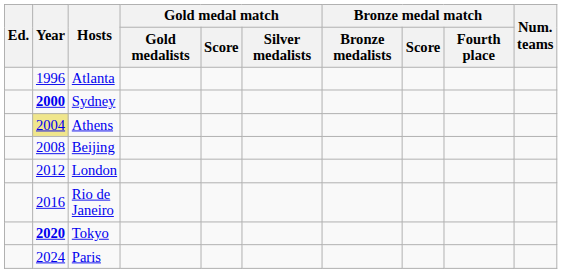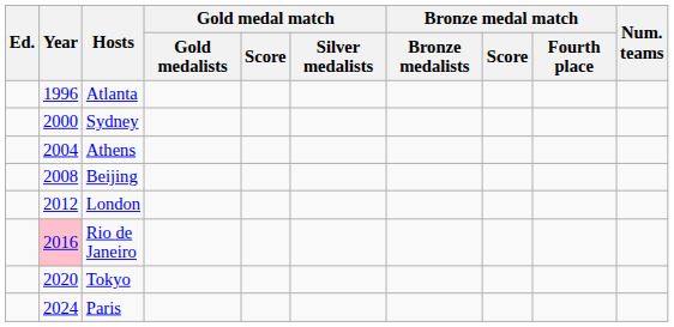 <table class="wikitable sortable" style="font-size:%; text-align:; width:;">
 <tr>
 <th rowspan="2" style="width:">Ed.</th>
 <th rowspan="2" style="width:">Year</th>
 <th rowspan="2" style="width:">Hosts</th>
 <th colspan="3">Gold medal match</th>
 <th colspan="3">Bronze medal match</th>
 <th rowspan=2 width=>Num.<br>teams</th>
 </tr>
 <tr>
 <th width=120px> Gold medalists</th>
 <th width=>Score</th>
 <th width=120px> Silver medalists</th>
 <th width=120px> Bronze medalists</th>
 <th width=>Score</th>
 <th width=120px>Fourth place</th>
 </tr>
 <tr>
 <td></td>
 <td><a href='#'>1996</a></td>
 <td><a href='#'>Atlanta</a></td>
 <td><strong></strong></td>
 <td></td>
 <td></td>
 <td></td>
 <td></td>
 <td></td>
 <td></td>
 </tr>
 <tr>
 <td></td>
-<td><strong><a href='#'>2000</a></strong></td>
+<td><a href='#'>2000</a></td>
 <td><a href='#'>Sydney</a></td>
 <td><strong></strong></td>
 <td></td>
 <td></td>
 <td></td>
 <td></td>
 <td></td>
 <td></td>
 </tr>
 <tr>
 <td></td>
-<td style="background: khaki;"><a href='#'>2004</a></td>
+<td><a href='#'>2004</a></td>
 <td><a href='#'>Athens</a></td>
 <td><strong></strong></td>
 <td></td>
 <td></td>
 <td></td>
 <td></td>
 <td></td>
 <td></td>
 </tr>
 <tr>
 <td></td>
 <td><a href='#'>2008</a></td>
 <td><a href='#'>Beijing</a></td>
 <td><strong></strong></td>
 <td></td>
 <td></td>
 <td></td>
 <td></td>
 <td></td>
 <td></td>
 </tr>
 <tr>
 <td></td>
 <td><a href='#'>2012</a></td>
 <td><a href='#'>London</a></td>
 <td><strong></strong></td>
 <td></td>
 <td></td>
 <td></td>
 <td></td>
 <td></td>
 <td></td>
 </tr>
 <tr>
 <td></td>
-<td><a href='#'>2016</a></td>
+<td style="background: pink;"><a href='#'>2016</a></td>
 <td><a href='#'>Rio de Janeiro</a></td>
 <td><strong></strong></td>
 <td></td>
 <td></td>
 <td></td>
 <td></td>
 <td></td>
 <td></td>
 </tr>
 <tr>
 <td></td>
-<td><strong><a href='#'>2020</a></strong></td>
+<td><a href='#'>2020</a></td>
 <td><a href='#'>Tokyo</a></td>
 <td><strong></strong></td>
 <td></td>
 <td></td>
 <td></td>
 <td></td>
 <td></td>
 <td></td>
 </tr>
 <tr>
 <td></td>
 <td><a href='#'>2024</a></td>
 <td><a href='#'>Paris</a></td>
 <td><strong></strong></td>
 <td></td>
 <td></td>
 <td></td>
 <td></td>
 <td></td>
 <td></td>
 </tr>
 </table>
